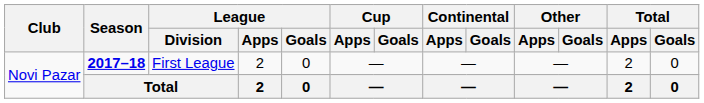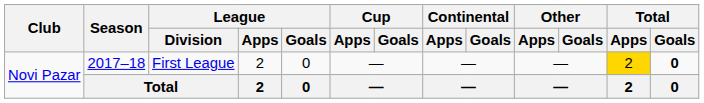 <table class="wikitable" style="text-align: center;font-size:90%">
 <tr>
 <th rowspan="2">Club</th>
 <th rowspan="2">Season</th>
 <th colspan="3">League</th>
 <th colspan="2">Cup</th>
 <th colspan="2">Continental</th>
 <th colspan="2">Other</th>
 <th colspan="2">Total</th>
 </tr>
 <tr>
 <th>Division</th>
 <th>Apps</th>
 <th>Goals</th>
 <th>Apps</th>
 <th>Goals</th>
 <th>Apps</th>
 <th>Goals</th>
 <th>Apps</th>
 <th>Goals</th>
 <th>Apps</th>
 <th>Goals</th>
 </tr>
 <tr>
 <td rowspan="2" valign="center"><a href='#'>Novi Pazar</a></td>
-<td><strong><a href='#'>2017–18</a></strong></td>
+<td><a href='#'>2017–18</a></td>
 <td><a href='#'>First League</a></td>
 <td>2</td>
 <td>0</td>
 <td colspan="2">—</td>
 <td colspan="2">—</td>
 <td colspan="2">—</td>
-<td>2</td>
-<td>0</td>
+<td style="background: gold;">2</td>
+<td><strong>0</strong></td>
 </tr>
 <tr>
 <th colspan="2">Total</th>
 <th>2</th>
 <th>0</th>
 <th colspan="2">—</th>
 <th colspan="2">—</th>
 <th colspan="2">—</th>
 <th>2</th>
 <th>0</th>
 </tr>
 </table>
